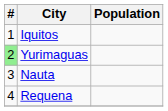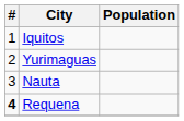 <table class="wikitable">
 <tr>
 <th>#</th>
 <th>City</th>
 <th>Population </th>
 </tr>
 <tr>
 <td>1</td>
 <td><a href='#'>Iquitos</a></td>
 <td></td>
 </tr>
 <tr>
-<td style="background: lightgreen;">2</td>
+<td>2</td>
 <td><a href='#'>Yurimaguas</a></td>
 <td></td>
 </tr>
 <tr>
 <td>3</td>
 <td><a href='#'>Nauta</a></td>
 <td></td>
 </tr>
 <tr>
-<td>4</td>
+<td><strong>4</strong></td>
 <td><a href='#'>Requena</a></td>
 <td></td>
 </tr>
 <tr>
 </tr>
 </table>
